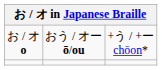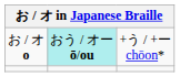 <table class="wikitable nowrap" style="text-align:center">
 <tr>
 <th colspan=3>お / オ in <a href='#'>Japanese Braille</a></th>
 </tr>
 <tr>
 <td>お / オ <br><strong>o</strong></td>
-<td>おう / オー <br><strong>ō</strong>/<strong>ou</strong></td>
+<td style="background: paleturquoise;">おう / オー <br><strong>ō</strong>/<strong>ou</strong></td>
 <td>+う / +ー <br><a href='#'>chōon</a>*</td>
 </tr>
 <tr>
 <td></td>
 <td></td>
 <td></td>
 </tr>
 </table>
